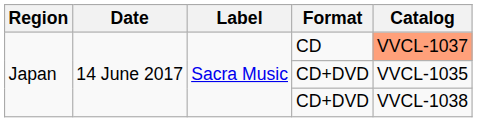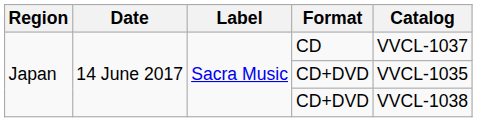 <table class="wikitable">
 <tr>
 <th>Region</th>
 <th>Date</th>
 <th>Label</th>
 <th>Format</th>
 <th>Catalog</th>
 </tr>
 <tr>
 <td rowspan="3">Japan</td>
 <td rowspan="3">14 June 2017</td>
 <td rowspan="3"><a href='#'>Sacra Music</a></td>
 <td>CD</td>
-<td style="background: lightsalmon;">VVCL-1037</td>
+<td>VVCL-1037</td>
 </tr>
 <tr>
 <td>CD+DVD</td>
 <td>VVCL-1035</td>
 </tr>
 <tr>
 <td>CD+DVD</td>
 <td>VVCL-1038</td>
 </tr>
 </table>
